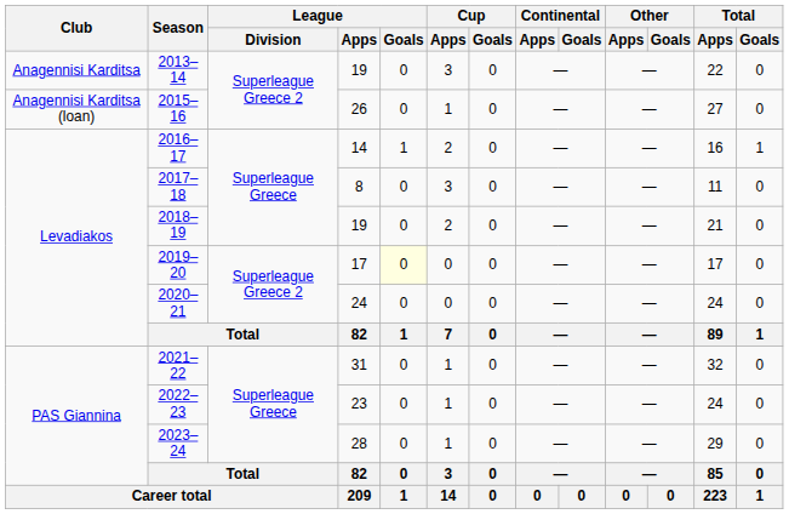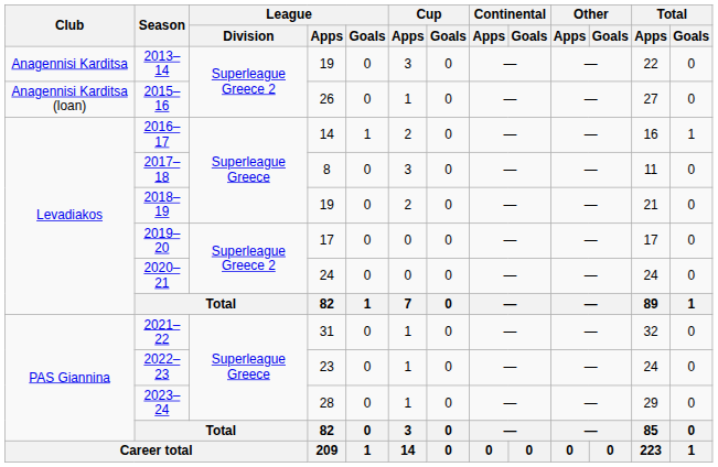 <table class="wikitable" style="text-align:center">
 <tr>
 <th rowspan=2>Club</th>
 <th rowspan=2>Season</th>
 <th colspan=3>League</th>
 <th colspan=2>Cup</th>
 <th colspan=2>Continental</th>
 <th colspan=2>Other</th>
 <th colspan=2>Total</th>
 </tr>
 <tr>
 <th>Division</th>
 <th>Apps</th>
 <th>Goals</th>
 <th>Apps</th>
 <th>Goals</th>
 <th>Apps</th>
 <th>Goals</th>
 <th>Apps</th>
 <th>Goals</th>
 <th>Apps</th>
 <th>Goals</th>
 </tr>
 <tr>
 <td><a href='#'>Anagennisi Karditsa</a></td>
 <td><a href='#'>2013–14</a></td>
 <td rowspan="2"><a href='#'>Superleague Greece 2</a></td>
 <td>19</td>
 <td>0</td>
 <td>3</td>
 <td>0</td>
 <td colspan="2">—</td>
 <td colspan="2">—</td>
 <td>22</td>
 <td>0</td>
 </tr>
 <tr>
 <td><a href='#'>Anagennisi Karditsa</a> (loan)</td>
 <td><a href='#'>2015–16</a></td>
 <td>26</td>
 <td>0</td>
 <td>1</td>
 <td>0</td>
 <td colspan="2">—</td>
 <td colspan="2">—</td>
 <td>27</td>
 <td>0</td>
 </tr>
 <tr>
 <td rowspan="6"><a href='#'>Levadiakos</a></td>
 <td><a href='#'>2016–17</a></td>
 <td rowspan="3"><a href='#'>Superleague Greece</a></td>
 <td>14</td>
 <td>1</td>
 <td>2</td>
 <td>0</td>
 <td colspan="2">—</td>
 <td colspan="2">—</td>
 <td>16</td>
 <td>1</td>
 </tr>
 <tr>
 <td><a href='#'>2017–18</a></td>
 <td>8</td>
 <td>0</td>
 <td>3</td>
 <td>0</td>
 <td colspan="2">—</td>
 <td colspan="2">—</td>
 <td>11</td>
 <td>0</td>
 </tr>
 <tr>
 <td><a href='#'>2018–19</a></td>
 <td>19</td>
 <td>0</td>
 <td>2</td>
 <td>0</td>
 <td colspan="2">—</td>
 <td colspan="2">—</td>
 <td>21</td>
 <td>0</td>
 </tr>
 <tr>
 <td><a href='#'>2019–20</a></td>
 <td rowspan="2"><a href='#'>Superleague Greece 2</a></td>
 <td>17</td>
-<td style="background: lightyellow;">0</td>
+<td>0</td>
 <td>0</td>
 <td>0</td>
 <td colspan="2">—</td>
 <td colspan="2">—</td>
 <td>17</td>
 <td>0</td>
 </tr>
 <tr>
 <td><a href='#'>2020–21</a></td>
 <td>24</td>
 <td>0</td>
 <td>0</td>
 <td>0</td>
 <td colspan="2">—</td>
 <td colspan="2">—</td>
 <td>24</td>
 <td>0</td>
 </tr>
 <tr>
 <th colspan="2">Total</th>
 <th>82</th>
 <th>1</th>
 <th>7</th>
 <th>0</th>
 <th colspan="2">—</th>
 <th colspan="2">—</th>
 <th>89</th>
 <th>1</th>
 </tr>
 <tr>
 <td rowspan="4"><a href='#'>PAS Giannina</a></td>
 <td><a href='#'>2021–22</a></td>
 <td rowspan="3"><a href='#'>Superleague Greece</a></td>
 <td>31</td>
 <td>0</td>
 <td>1</td>
 <td>0</td>
 <td colspan="2">—</td>
 <td colspan="2">—</td>
 <td>32</td>
 <td>0</td>
 </tr>
 <tr>
 <td><a href='#'>2022–23</a></td>
 <td>23</td>
 <td>0</td>
 <td>1</td>
 <td>0</td>
 <td colspan="2">—</td>
 <td colspan="2">—</td>
 <td>24</td>
 <td>0</td>
 </tr>
 <tr>
 <td><a href='#'>2023–24</a></td>
 <td>28</td>
 <td>0</td>
 <td>1</td>
 <td>0</td>
 <td colspan="2">—</td>
 <td colspan="2">—</td>
 <td>29</td>
 <td>0</td>
 </tr>
 <tr>
 <th colspan="2">Total</th>
 <th>82</th>
 <th>0</th>
 <th>3</th>
 <th>0</th>
 <th colspan="2">—</th>
 <th colspan="2">—</th>
 <th>85</th>
 <th>0</th>
 </tr>
 <tr>
 <th colspan="3">Career total</th>
 <th>209</th>
 <th>1</th>
 <th>14</th>
 <th>0</th>
 <th>0</th>
 <th>0</th>
 <th>0</th>
 <th>0</th>
 <th>223</th>
 <th>1</th>
 </tr>
 </table>
